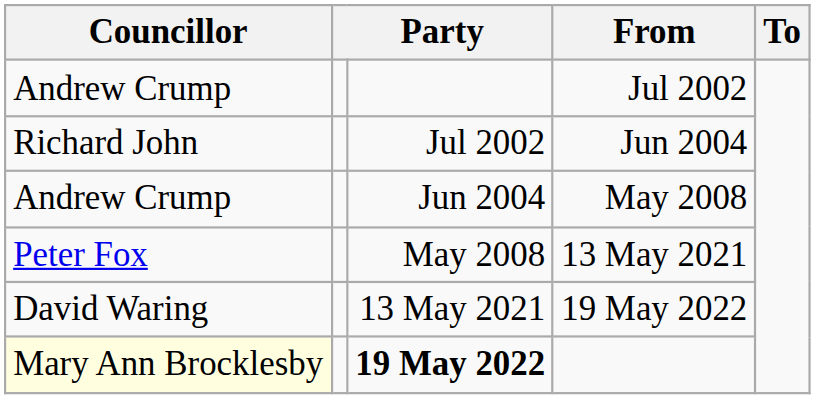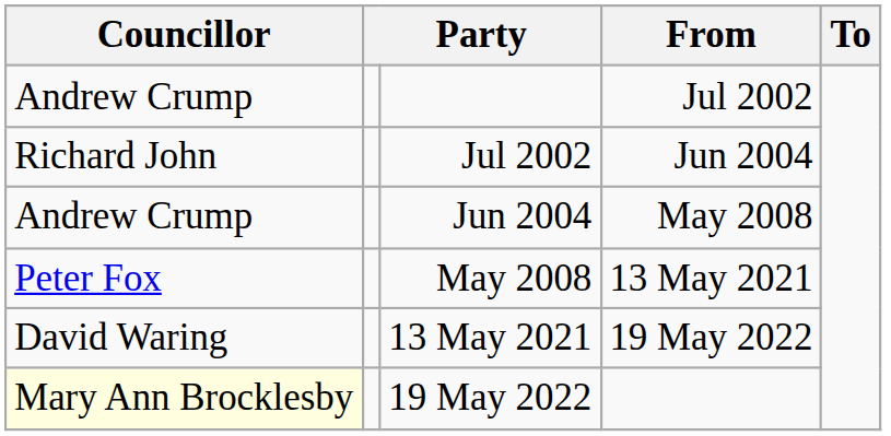 <table class=wikitable>
 <tr>
 <th>Councillor</th>
 <th colspan=2>Party</th>
 <th>From</th>
 <th>To</th>
 </tr>
 <tr>
 <td>Andrew Crump</td>
 <td></td>
 <td align=right></td>
 <td align=right>Jul 2002</td>
 </tr>
 <tr>
 <td>Richard John</td>
 <td></td>
 <td align=right>Jul 2002</td>
 <td align=right>Jun 2004</td>
 </tr>
 <tr>
 <td>Andrew Crump</td>
 <td></td>
 <td align=right>Jun 2004</td>
 <td align=right>May 2008</td>
 </tr>
 <tr>
 <td><a href='#'>Peter Fox</a></td>
 <td></td>
 <td align=right>May 2008</td>
 <td align=right>13 May 2021</td>
 </tr>
 <tr>
 <td>David Waring</td>
 <td></td>
 <td align=right>13 May 2021</td>
 <td align=right>19 May 2022</td>
 </tr>
 <tr>
 <td style="background: lightyellow;">Mary Ann Brocklesby</td>
 <td></td>
-<td align=right><strong>19 May 2022</strong></td>
+<td align=right>19 May 2022</td>
 <td align=right></td>
 </tr>
 </table>
